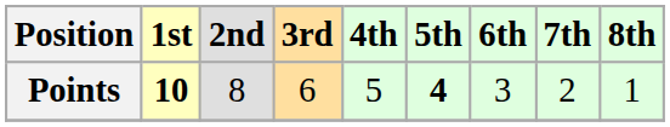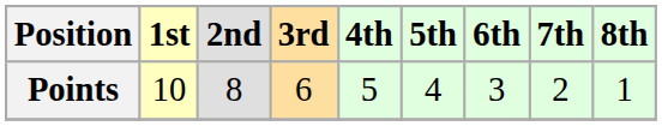 <table class="wikitable sortable" style="font-size:85%; text-align:center">
 <tr>
 <th>Position</th>
 <td style="background-color:#ffffbf"><strong>1st</strong></td>
 <td style="background-color:#dfdfdf"><strong>2nd</strong></td>
 <td style="background-color:#ffdf9f"><strong>3rd</strong></td>
 <td style="background-color:#dfffdf"><strong>4th</strong></td>
 <td style="background-color:#dfffdf"><strong>5th</strong></td>
 <td style="background-color:#dfffdf"><strong>6th</strong></td>
 <td style="background-color:#dfffdf"><strong>7th</strong></td>
 <td style="background-color:#dfffdf"><strong>8th</strong></td>
 </tr>
 <tr>
 <th>Points</th>
-<td style="background-color:#ffffbf"><strong>10</strong></td>
+<td style="background-color:#ffffbf">10</td>
 <td style="background-color:#dfdfdf">8</td>
 <td style="background-color:#ffdf9f">6</td>
 <td style="background-color:#dfffdf">5</td>
-<td style="background-color:#dfffdf"><strong>4</strong></td>
+<td style="background-color:#dfffdf">4</td>
 <td style="background-color:#dfffdf">3</td>
 <td style="background-color:#dfffdf">2</td>
 <td style="background-color:#dfffdf">1</td>
 </tr>
 <tr>
 </tr>
 </table>
